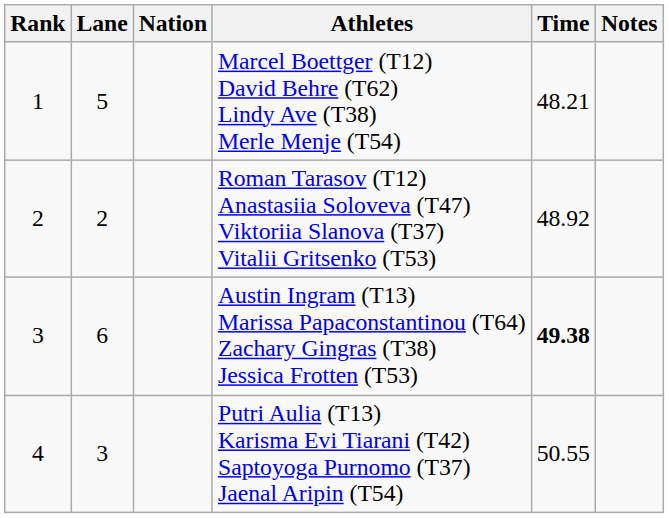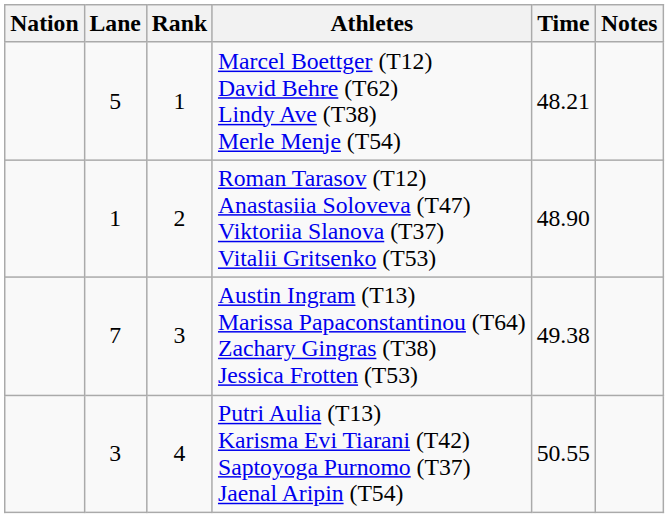 <table class="wikitable sortable" style="text-align:center">
 <tr>
+<th>Nation</th>
+<th>Lane</th>
 <th>Rank</th>
-<th>Lane</th>
-<th>Nation</th>
 <th>Athletes</th>
 <th>Time</th>
 <th>Notes</th>
 </tr>
 <tr>
+<td align="left"></td>
+<td>5</td>
 <td>1</td>
-<td>5</td>
-<td align="left"></td>
 <td align="left"><a href='#'>Marcel Boettger</a> (T12)<br><a href='#'>David Behre</a> (T62)<br><a href='#'>Lindy Ave</a> (T38)<br><a href='#'>Merle Menje</a> (T54)</td>
 <td>48.21</td>
 <td></td>
 </tr>
 <tr>
+<td align="left"></td>
+<td>1</td>
 <td>2</td>
-<td>2</td>
-<td align="left"></td>
 <td align="left"><a href='#'>Roman Tarasov</a> (T12)<br><a href='#'>Anastasiia Soloveva</a> (T47)<br><a href='#'>Viktoriia Slanova</a> (T37)<br><a href='#'>Vitalii Gritsenko</a> (T53)</td>
-<td>48.92</td>
+<td>48.90</td>
 <td></td>
 </tr>
 <tr>
+<td align="left"></td>
+<td>7</td>
 <td>3</td>
-<td>6</td>
-<td align="left"></td>
 <td align="left"><a href='#'>Austin Ingram</a> (T13)<br><a href='#'>Marissa Papaconstantinou</a> (T64)<br><a href='#'>Zachary Gingras</a> (T38)<br><a href='#'>Jessica Frotten</a> (T53)</td>
-<td><strong>49.38</strong></td>
+<td>49.38</td>
 <td></td>
 </tr>
 <tr>
+<td align="left"></td>
+<td>3</td>
 <td>4</td>
-<td>3</td>
-<td align="left"></td>
 <td align="left"><a href='#'>Putri Aulia</a> (T13)<br><a href='#'>Karisma Evi Tiarani</a> (T42)<br><a href='#'>Saptoyoga Purnomo</a> (T37)<br><a href='#'>Jaenal Aripin</a> (T54)</td>
 <td>50.55</td>
 <td></td>
 </tr>
 </table>
